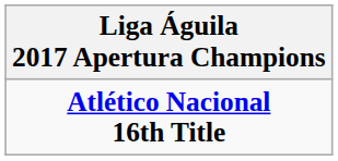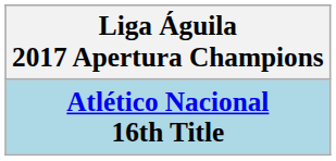 <table class="wikitable" style="text-align: center; margin: 0 auto;">
 <tr>
 <th>Liga Águila<br>2017 Apertura Champions</th>
 </tr>
 <tr>
-<td><strong><a href='#'>Atlético Nacional</a></strong><br><strong>16th Title</strong></td>
+<td style="background: lightblue;"><strong><a href='#'>Atlético Nacional</a></strong><br><strong>16th Title</strong></td>
 </tr>
 </table>
